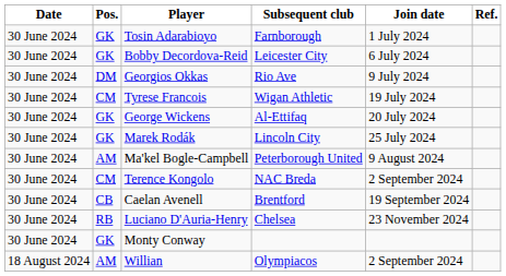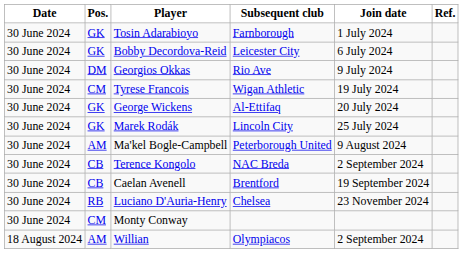 <table class="wikitable plainrowheaders sortable">
 <tr>
 <th style="background:white;color:black; ">Date</th>
 <th style="background:white;color:black; ">Pos.</th>
 <th style="background:white;color:black; ">Player</th>
 <th style="background:white;color:black; ">Subsequent club</th>
 <th style="background:white;color:black; ">Join date</th>
 <th style="background:white;color:black; ">Ref.</th>
 </tr>
 <tr>
 <td>30 June 2024</td>
 <td><a href='#'>GK</a></td>
 <td> <a href='#'>Tosin Adarabioyo</a></td>
 <td> <a href='#'>Farnborough</a></td>
 <td>1 July 2024</td>
 <td></td>
 </tr>
 <tr>
 <td>30 June 2024</td>
 <td><a href='#'>GK</a></td>
 <td> <a href='#'>Bobby Decordova-Reid</a></td>
 <td> <a href='#'>Leicester City</a></td>
 <td>6 July 2024</td>
 <td></td>
 </tr>
 <tr>
 <td>30 June 2024</td>
 <td><a href='#'>DM</a></td>
 <td> <a href='#'>Georgios Okkas</a></td>
 <td> <a href='#'>Rio Ave</a></td>
 <td>9 July 2024</td>
 <td></td>
 </tr>
 <tr>
 <td>30 June 2024</td>
 <td><a href='#'>CM</a></td>
 <td> <a href='#'>Tyrese Francois</a></td>
 <td> <a href='#'>Wigan Athletic</a></td>
 <td>19 July 2024</td>
 <td></td>
 </tr>
 <tr>
 <td>30 June 2024</td>
 <td><a href='#'>GK</a></td>
 <td> <a href='#'>George Wickens</a></td>
 <td> <a href='#'>Al-Ettifaq</a></td>
 <td>20 July 2024</td>
 <td></td>
 </tr>
 <tr>
 <td>30 June 2024</td>
 <td><a href='#'>GK</a></td>
 <td> <a href='#'>Marek Rodák</a></td>
 <td> <a href='#'>Lincoln City</a></td>
 <td>25 July 2024</td>
 <td></td>
 </tr>
 <tr>
 <td>30 June 2024</td>
 <td><a href='#'>AM</a></td>
 <td> Ma'kel Bogle-Campbell</td>
 <td> <a href='#'>Peterborough United</a></td>
 <td>9 August 2024</td>
 <td></td>
 </tr>
 <tr>
 <td>30 June 2024</td>
-<td><a href='#'>CM</a></td>
+<td><a href='#'>CB</a></td>
 <td> <a href='#'>Terence Kongolo</a></td>
 <td> <a href='#'>NAC Breda</a></td>
 <td>2 September 2024</td>
 <td></td>
 </tr>
 <tr>
 <td>30 June 2024</td>
 <td><a href='#'>CB</a></td>
 <td> Caelan Avenell</td>
 <td> <a href='#'>Brentford</a></td>
 <td>19 September 2024</td>
 <td></td>
 </tr>
 <tr>
 <td>30 June 2024</td>
 <td><a href='#'>RB</a></td>
 <td> <a href='#'>Luciano D'Auria-Henry</a></td>
 <td> <a href='#'>Chelsea</a></td>
 <td>23 November 2024</td>
 <td></td>
 </tr>
 <tr>
 <td>30 June 2024</td>
-<td><a href='#'>GK</a></td>
+<td><a href='#'>CM</a></td>
 <td> Monty Conway</td>
 <td></td>
 <td></td>
 <td></td>
 </tr>
 <tr>
 <td>18 August 2024</td>
 <td><a href='#'>AM</a></td>
 <td> <a href='#'>Willian</a></td>
 <td> <a href='#'>Olympiacos</a></td>
 <td>2 September 2024</td>
 <td></td>
 </tr>
 </table>
